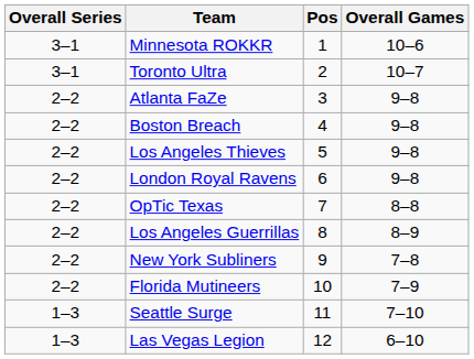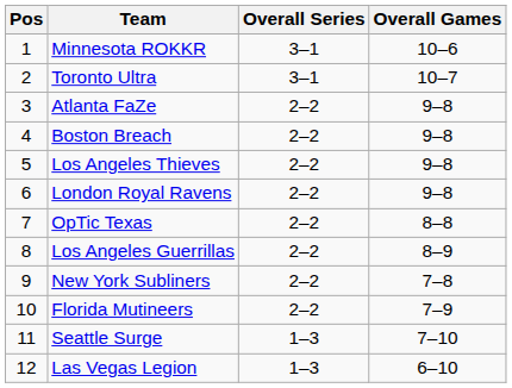 <table class="wikitable" style="text-align:middle">
 <tr>
+<th>Pos</th>
+<th>Team</th>
 <th>Overall Series</th>
-<th>Team</th>
-<th>Pos</th>
 <th>Overall Games</th>
 </tr>
 <tr>
+<td style="text-align:center;">1</td>
+<td style="text-align:left;"><a href='#'>Minnesota ROKKR</a></td>
 <td style="text-align:center;">3–1</td>
-<td style="text-align:left;"><a href='#'>Minnesota ROKKR</a></td>
-<td style="text-align:center;">1</td>
 <td style="text-align:center;">10–6</td>
 </tr>
 <tr>
+<td style="text-align:center;">2</td>
+<td style="text-align:left;"><a href='#'>Toronto Ultra</a></td>
 <td style="text-align:center;">3–1</td>
-<td style="text-align:left;"><a href='#'>Toronto Ultra</a></td>
-<td style="text-align:center;">2</td>
 <td style="text-align:center;">10–7</td>
 </tr>
 <tr>
+<td style="text-align:center;">3</td>
+<td style="text-align:left;"><a href='#'>Atlanta FaZe</a></td>
 <td style="text-align:center;">2–2</td>
-<td style="text-align:left;"><a href='#'>Atlanta FaZe</a></td>
-<td style="text-align:center;">3</td>
 <td style="text-align:center;">9–8</td>
 </tr>
 <tr>
+<td style="text-align:center;">4</td>
+<td style="text-align:left;"><a href='#'>Boston Breach</a></td>
 <td style="text-align:center;">2–2</td>
-<td style="text-align:left;"><a href='#'>Boston Breach</a></td>
-<td style="text-align:center;">4</td>
 <td style="text-align:center;">9–8</td>
 </tr>
 <tr>
+<td style="text-align:center;">5</td>
+<td style="text-align:left;"><a href='#'>Los Angeles Thieves</a></td>
 <td style="text-align:center;">2–2</td>
-<td style="text-align:left;"><a href='#'>Los Angeles Thieves</a></td>
-<td style="text-align:center;">5</td>
 <td style="text-align:center;">9–8</td>
 </tr>
 <tr>
+<td style="text-align:center;">6</td>
+<td style="text-align:left;"><a href='#'>London Royal Ravens</a></td>
 <td style="text-align:center;">2–2</td>
-<td style="text-align:left;"><a href='#'>London Royal Ravens</a></td>
-<td style="text-align:center;">6</td>
 <td style="text-align:center;">9–8</td>
 </tr>
 <tr>
+<td style="text-align:center;">7</td>
+<td style="text-align:left;"><a href='#'>OpTic Texas</a></td>
 <td style="text-align:center;">2–2</td>
-<td style="text-align:left;"><a href='#'>OpTic Texas</a></td>
-<td style="text-align:center;">7</td>
 <td style="text-align:center;">8–8</td>
 </tr>
 <tr>
+<td style="text-align:center;">8</td>
+<td style="text-align:left;"><a href='#'>Los Angeles Guerrillas</a></td>
 <td style="text-align:center;">2–2</td>
-<td style="text-align:left;"><a href='#'>Los Angeles Guerrillas</a></td>
-<td style="text-align:center;">8</td>
 <td style="text-align:center;">8–9</td>
 </tr>
 <tr>
+<td style="text-align:center;">9</td>
+<td style="text-align:left;"><a href='#'>New York Subliners</a></td>
 <td style="text-align:center;">2–2</td>
-<td style="text-align:left;"><a href='#'>New York Subliners</a></td>
-<td style="text-align:center;">9</td>
 <td style="text-align:center;">7–8</td>
 </tr>
 <tr>
+<td style="text-align:center;">10</td>
+<td style="text-align:left;"><a href='#'>Florida Mutineers</a></td>
 <td style="text-align:center;">2–2</td>
-<td style="text-align:left;"><a href='#'>Florida Mutineers</a></td>
-<td style="text-align:center;">10</td>
 <td style="text-align:center;">7–9</td>
 </tr>
 <tr>
+<td style="text-align:center;">11</td>
+<td style="text-align:left;"><a href='#'>Seattle Surge</a></td>
 <td style="text-align:center;">1–3</td>
-<td style="text-align:left;"><a href='#'>Seattle Surge</a></td>
-<td style="text-align:center;">11</td>
 <td style="text-align:center;">7–10</td>
 </tr>
 <tr>
+<td style="text-align:center;">12</td>
+<td style="text-align:left;"><a href='#'>Las Vegas Legion</a></td>
 <td style="text-align:center;">1–3</td>
-<td style="text-align:left;"><a href='#'>Las Vegas Legion</a></td>
-<td style="text-align:center;">12</td>
 <td style="text-align:center;">6–10</td>
 </tr>
 </table>
